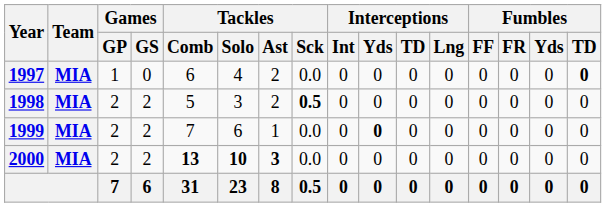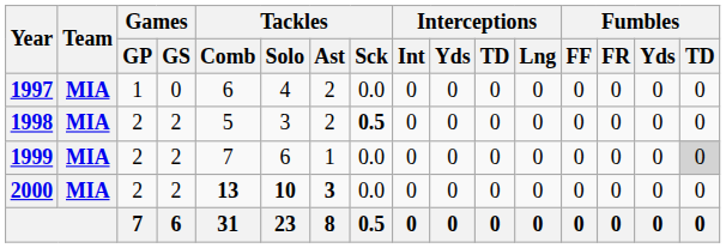 <table class="wikitable" style="text-align:center">
 <tr>
 <th rowspan="2">Year</th>
 <th rowspan="2">Team</th>
 <th colspan="2">Games</th>
 <th colspan="4">Tackles</th>
 <th colspan="4">Interceptions</th>
 <th colspan="4">Fumbles</th>
 </tr>
 <tr>
 <th>GP</th>
 <th>GS</th>
 <th>Comb</th>
 <th>Solo</th>
 <th>Ast</th>
 <th>Sck</th>
 <th>Int</th>
 <th>Yds</th>
 <th>TD</th>
 <th>Lng</th>
 <th>FF</th>
 <th>FR</th>
 <th>Yds</th>
 <th>TD</th>
 </tr>
 <tr>
 <th><a href='#'>1997</a></th>
 <th><a href='#'>MIA</a></th>
 <td>1</td>
 <td>0</td>
 <td>6</td>
 <td>4</td>
 <td>2</td>
 <td>0.0</td>
 <td>0</td>
 <td>0</td>
 <td>0</td>
 <td>0</td>
 <td>0</td>
 <td>0</td>
 <td>0</td>
-<td><strong>0</strong></td>
+<td>0</td>
 </tr>
 <tr>
 <th><a href='#'>1998</a></th>
 <th><a href='#'>MIA</a></th>
 <td>2</td>
 <td>2</td>
 <td>5</td>
 <td>3</td>
 <td>2</td>
 <td><strong>0.5</strong></td>
 <td>0</td>
 <td>0</td>
 <td>0</td>
 <td>0</td>
 <td>0</td>
 <td>0</td>
 <td>0</td>
 <td>0</td>
 </tr>
 <tr>
 <th><a href='#'>1999</a></th>
 <th><a href='#'>MIA</a></th>
 <td>2</td>
 <td>2</td>
 <td>7</td>
 <td>6</td>
 <td>1</td>
 <td>0.0</td>
 <td>0</td>
-<td><strong>0</strong></td>
 <td>0</td>
 <td>0</td>
 <td>0</td>
 <td>0</td>
 <td>0</td>
 <td>0</td>
+<td style="background: lightgrey;">0</td>
 </tr>
 <tr>
 <th><a href='#'>2000</a></th>
 <th><a href='#'>MIA</a></th>
 <td>2</td>
 <td>2</td>
 <td><strong>13</strong></td>
 <td><strong>10</strong></td>
 <td><strong>3</strong></td>
 <td>0.0</td>
 <td>0</td>
 <td>0</td>
 <td>0</td>
 <td>0</td>
 <td>0</td>
 <td>0</td>
 <td>0</td>
 <td>0</td>
 </tr>
 <tr>
 <th colspan="2"></th>
 <th>7</th>
 <th>6</th>
 <th>31</th>
 <th>23</th>
 <th>8</th>
 <th>0.5</th>
 <th>0</th>
 <th>0</th>
 <th>0</th>
 <th>0</th>
 <th>0</th>
 <th>0</th>
 <th>0</th>
 <th>0</th>
 </tr>
 </table>
